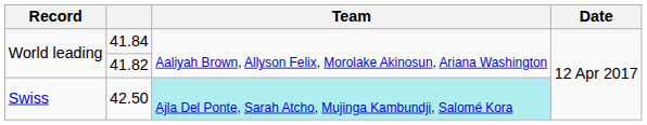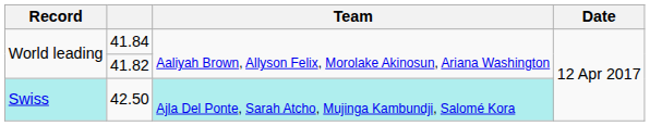 <table class="wikitable">
 <tr>
 <th>Record</th>
 <th></th>
 <th>Team</th>
 <th>Date</th>
 </tr>
 <tr>
 <td rowspan=2>World leading</td>
 <td>41.84</td>
 <td rowspan=2><br><small><a href='#'>Aaliyah Brown</a>, <a href='#'>Allyson Felix</a>, <a href='#'>Morolake Akinosun</a>, <a href='#'>Ariana Washington</a></small></td>
 <td rowspan=3 align=right>12 Apr 2017</td>
 </tr>
 <tr>
 <td>41.82</td>
 </tr>
 <tr>
-<td><a href='#'>Swiss</a></td>
+<td style="background: paleturquoise;"><a href='#'>Swiss</a></td>
 <td>42.50</td>
 <td style="background: paleturquoise;"><br><small><a href='#'>Ajla Del Ponte</a>, <a href='#'>Sarah Atcho</a>, <a href='#'>Mujinga Kambundji</a>, <a href='#'>Salomé Kora</a></small></td>
 </tr>
 </table>
